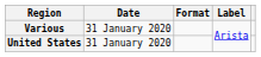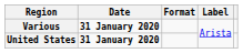 <table class="wikitable plainrowheaders">
 <tr>
 <th scope="col">Region</th>
 <th scope="col">Date</th>
 <th scope="col">Format</th>
 <th scope="col">Label</th>
 <th scope="col"></th>
 </tr>
 <tr>
 <th scope="row">Various</th>
-<td>31 January 2020</td>
+<td><strong>31 January 2020</strong></td>
 <td></td>
 <td rowspan="2"><a href='#'>Arista</a></td>
 <td></td>
 </tr>
 <tr>
 <th scope="row">United States</th>
-<td>31 January 2020</td>
+<td><strong>31 January 2020</strong></td>
 <td></td>
 <td></td>
 </tr>
 </table>
